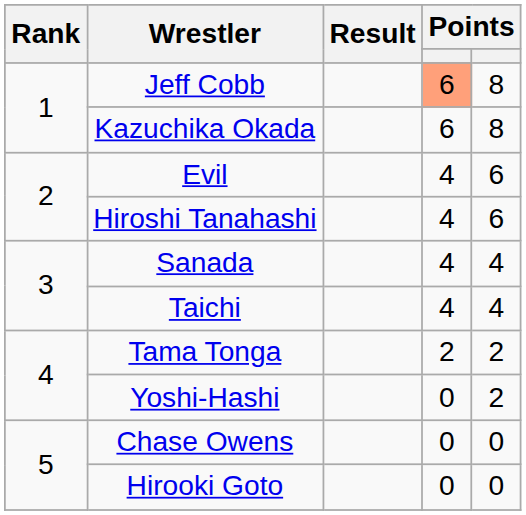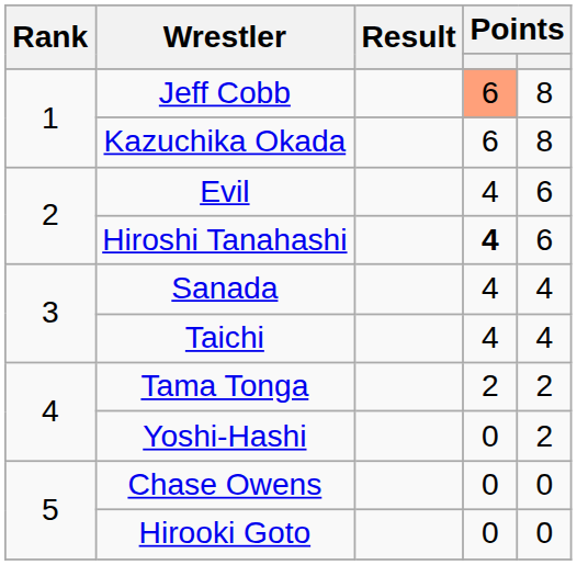 <table class="wikitable mw-collapsible mw-collapsed" plainrowheaders sortable" style="text-align: center">
 <tr>
 <th scope="col" rowspan="2">Rank</th>
 <th scope="col" rowspan="2">Wrestler</th>
 <th scope="col" rowspan="2">Result</th>
 <th scope="col" colspan="2">Points</th>
 </tr>
 <tr>
 <th></th>
 <th></th>
 </tr>
 <tr>
 <td rowspan="2">1</td>
 <td><a href='#'>Jeff Cobb</a></td>
 <td></td>
 <td style="background: lightsalmon;">6</td>
 <td>8</td>
 </tr>
 <tr>
 <td><a href='#'>Kazuchika Okada</a></td>
 <td></td>
 <td>6</td>
 <td>8</td>
 </tr>
 <tr>
 <td rowspan="2">2</td>
 <td><a href='#'>Evil</a></td>
 <td></td>
 <td>4</td>
 <td>6</td>
 </tr>
 <tr>
 <td><a href='#'>Hiroshi Tanahashi</a></td>
 <td></td>
-<td>4</td>
+<td><strong>4</strong></td>
 <td>6</td>
 </tr>
 <tr>
 <td rowspan="2">3</td>
 <td><a href='#'>Sanada</a></td>
 <td></td>
 <td>4</td>
 <td>4</td>
 </tr>
 <tr>
 <td><a href='#'>Taichi</a></td>
 <td></td>
 <td>4</td>
 <td>4</td>
 </tr>
 <tr>
 <td rowspan="2">4</td>
 <td><a href='#'>Tama Tonga</a></td>
 <td></td>
 <td>2</td>
 <td>2</td>
 </tr>
 <tr>
 <td><a href='#'>Yoshi-Hashi</a></td>
 <td></td>
 <td>0</td>
 <td>2</td>
 </tr>
 <tr>
 <td rowspan="2">5</td>
 <td><a href='#'>Chase Owens</a></td>
 <td></td>
 <td>0</td>
 <td>0</td>
 </tr>
 <tr>
 <td><a href='#'>Hirooki Goto</a></td>
 <td></td>
 <td>0</td>
 <td>0</td>
 </tr>
 </table>
